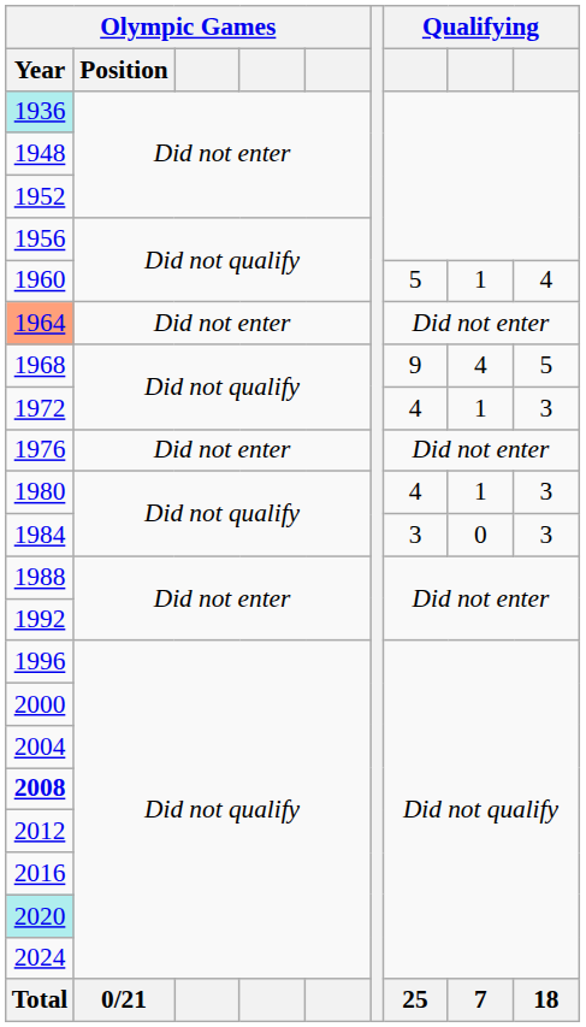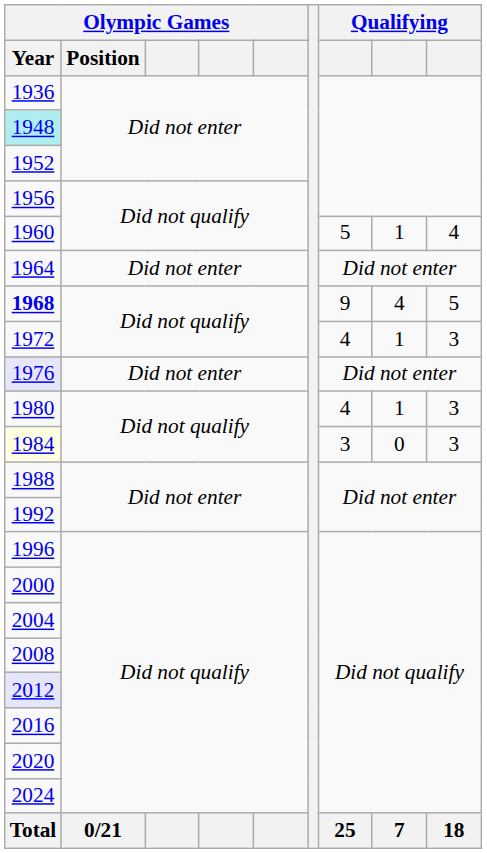 <table class="wikitable" style="text-align: center;font-size:90%;">
 <tr>
 <th colspan=5><a href='#'>Olympic Games</a></th>
 <th rowspan=24></th>
 <th colspan=3><a href='#'>Qualifying</a></th>
 </tr>
 <tr>
 <th>Year</th>
 <th>Position</th>
 <th width=30></th>
 <th width=30></th>
 <th width=30></th>
 <th width=30></th>
 <th width=30></th>
 <th width=30></th>
 </tr>
 <tr>
-<td style="background: paleturquoise;"> <a href='#'>1936</a></td>
+<td> <a href='#'>1936</a></td>
 <td colspan=4 rowspan=3><em>Did not enter</em></td>
 </tr>
 <tr>
-<td> <a href='#'>1948</a></td>
+<td style="background: paleturquoise;"> <a href='#'>1948</a></td>
 </tr>
 <tr>
 <td> <a href='#'>1952</a></td>
 </tr>
 <tr>
 <td> <a href='#'>1956</a></td>
 <td colspan=4 rowspan=2><em>Did not qualify</em></td>
 </tr>
 <tr>
 <td> <a href='#'>1960</a></td>
 <td>5</td>
 <td>1</td>
 <td>4</td>
 </tr>
 <tr>
-<td style="background: lightsalmon;"> <a href='#'>1964</a></td>
+<td> <a href='#'>1964</a></td>
 <td colspan=4><em>Did not enter</em></td>
 <td colspan=3><em>Did not enter</em></td>
 </tr>
 <tr>
-<td> <a href='#'>1968</a></td>
+<td><strong> <a href='#'>1968</a></strong></td>
 <td colspan=4 rowspan=2><em>Did not qualify</em></td>
 <td>9</td>
 <td>4</td>
 <td>5</td>
 </tr>
 <tr>
 <td> <a href='#'>1972</a></td>
 <td>4</td>
 <td>1</td>
 <td>3</td>
 </tr>
 <tr>
-<td> <a href='#'>1976</a></td>
+<td style="background: lavender;"> <a href='#'>1976</a></td>
 <td colspan=4><em>Did not enter</em></td>
 <td colspan=3><em>Did not enter</em></td>
 </tr>
 <tr>
 <td> <a href='#'>1980</a></td>
 <td colspan=4 rowspan=2><em>Did not qualify</em></td>
 <td>4</td>
 <td>1</td>
 <td>3</td>
 </tr>
 <tr>
-<td> <a href='#'>1984</a></td>
+<td style="background: lightyellow;"> <a href='#'>1984</a></td>
 <td>3</td>
 <td>0</td>
 <td>3</td>
 </tr>
 <tr>
 <td> <a href='#'>1988</a></td>
 <td colspan=4 rowspan=2><em>Did not enter</em></td>
 <td colspan=3 rowspan=2><em>Did not enter</em></td>
 </tr>
 <tr>
 <td> <a href='#'>1992</a></td>
 </tr>
 <tr>
 <td> <a href='#'>1996</a></td>
 <td colspan=4 rowspan=8><em>Did not qualify</em></td>
 <td colspan=3 rowspan=8><em>Did not qualify</em></td>
 </tr>
 <tr>
 <td> <a href='#'>2000</a></td>
 </tr>
 <tr>
 <td> <a href='#'>2004</a></td>
 </tr>
 <tr>
-<td><strong> <a href='#'>2008</a></strong></td>
+<td> <a href='#'>2008</a></td>
 </tr>
 <tr>
-<td> <a href='#'>2012</a></td>
+<td style="background: lavender;"> <a href='#'>2012</a></td>
 </tr>
 <tr>
 <td> <a href='#'>2016</a></td>
 </tr>
 <tr>
-<td style="background: paleturquoise;"> <a href='#'>2020</a></td>
+<td> <a href='#'>2020</a></td>
 </tr>
 <tr>
 <td> <a href='#'>2024</a></td>
 </tr>
 <tr>
 <th>Total</th>
 <th>0/21</th>
 <th></th>
 <th></th>
 <th></th>
 <th>25</th>
 <th>7</th>
 <th>18</th>
 </tr>
 </table>
